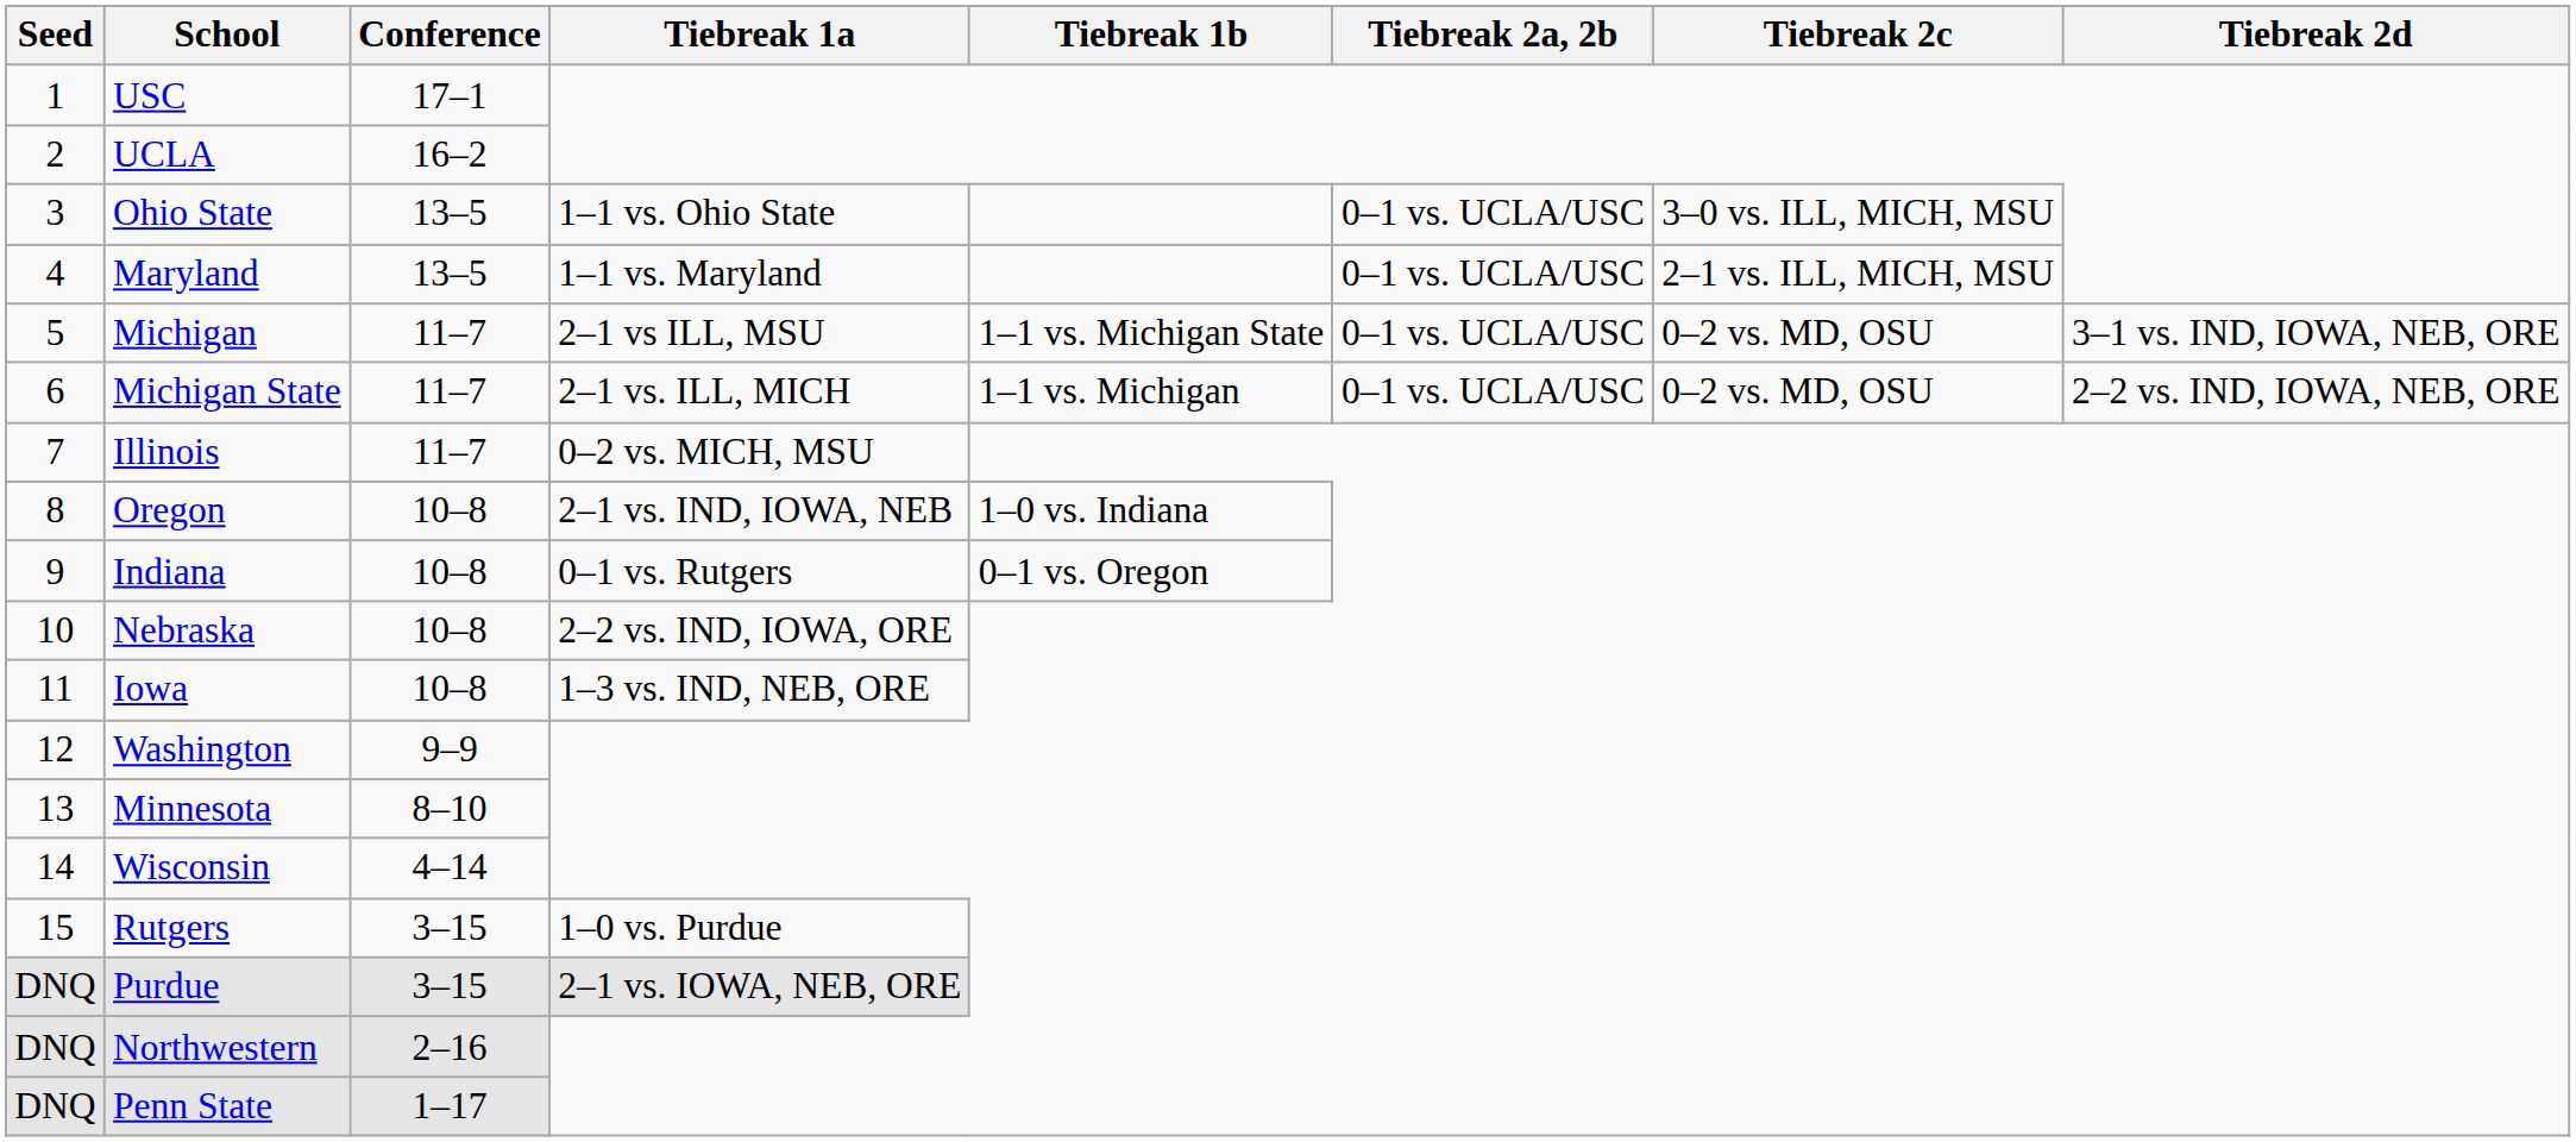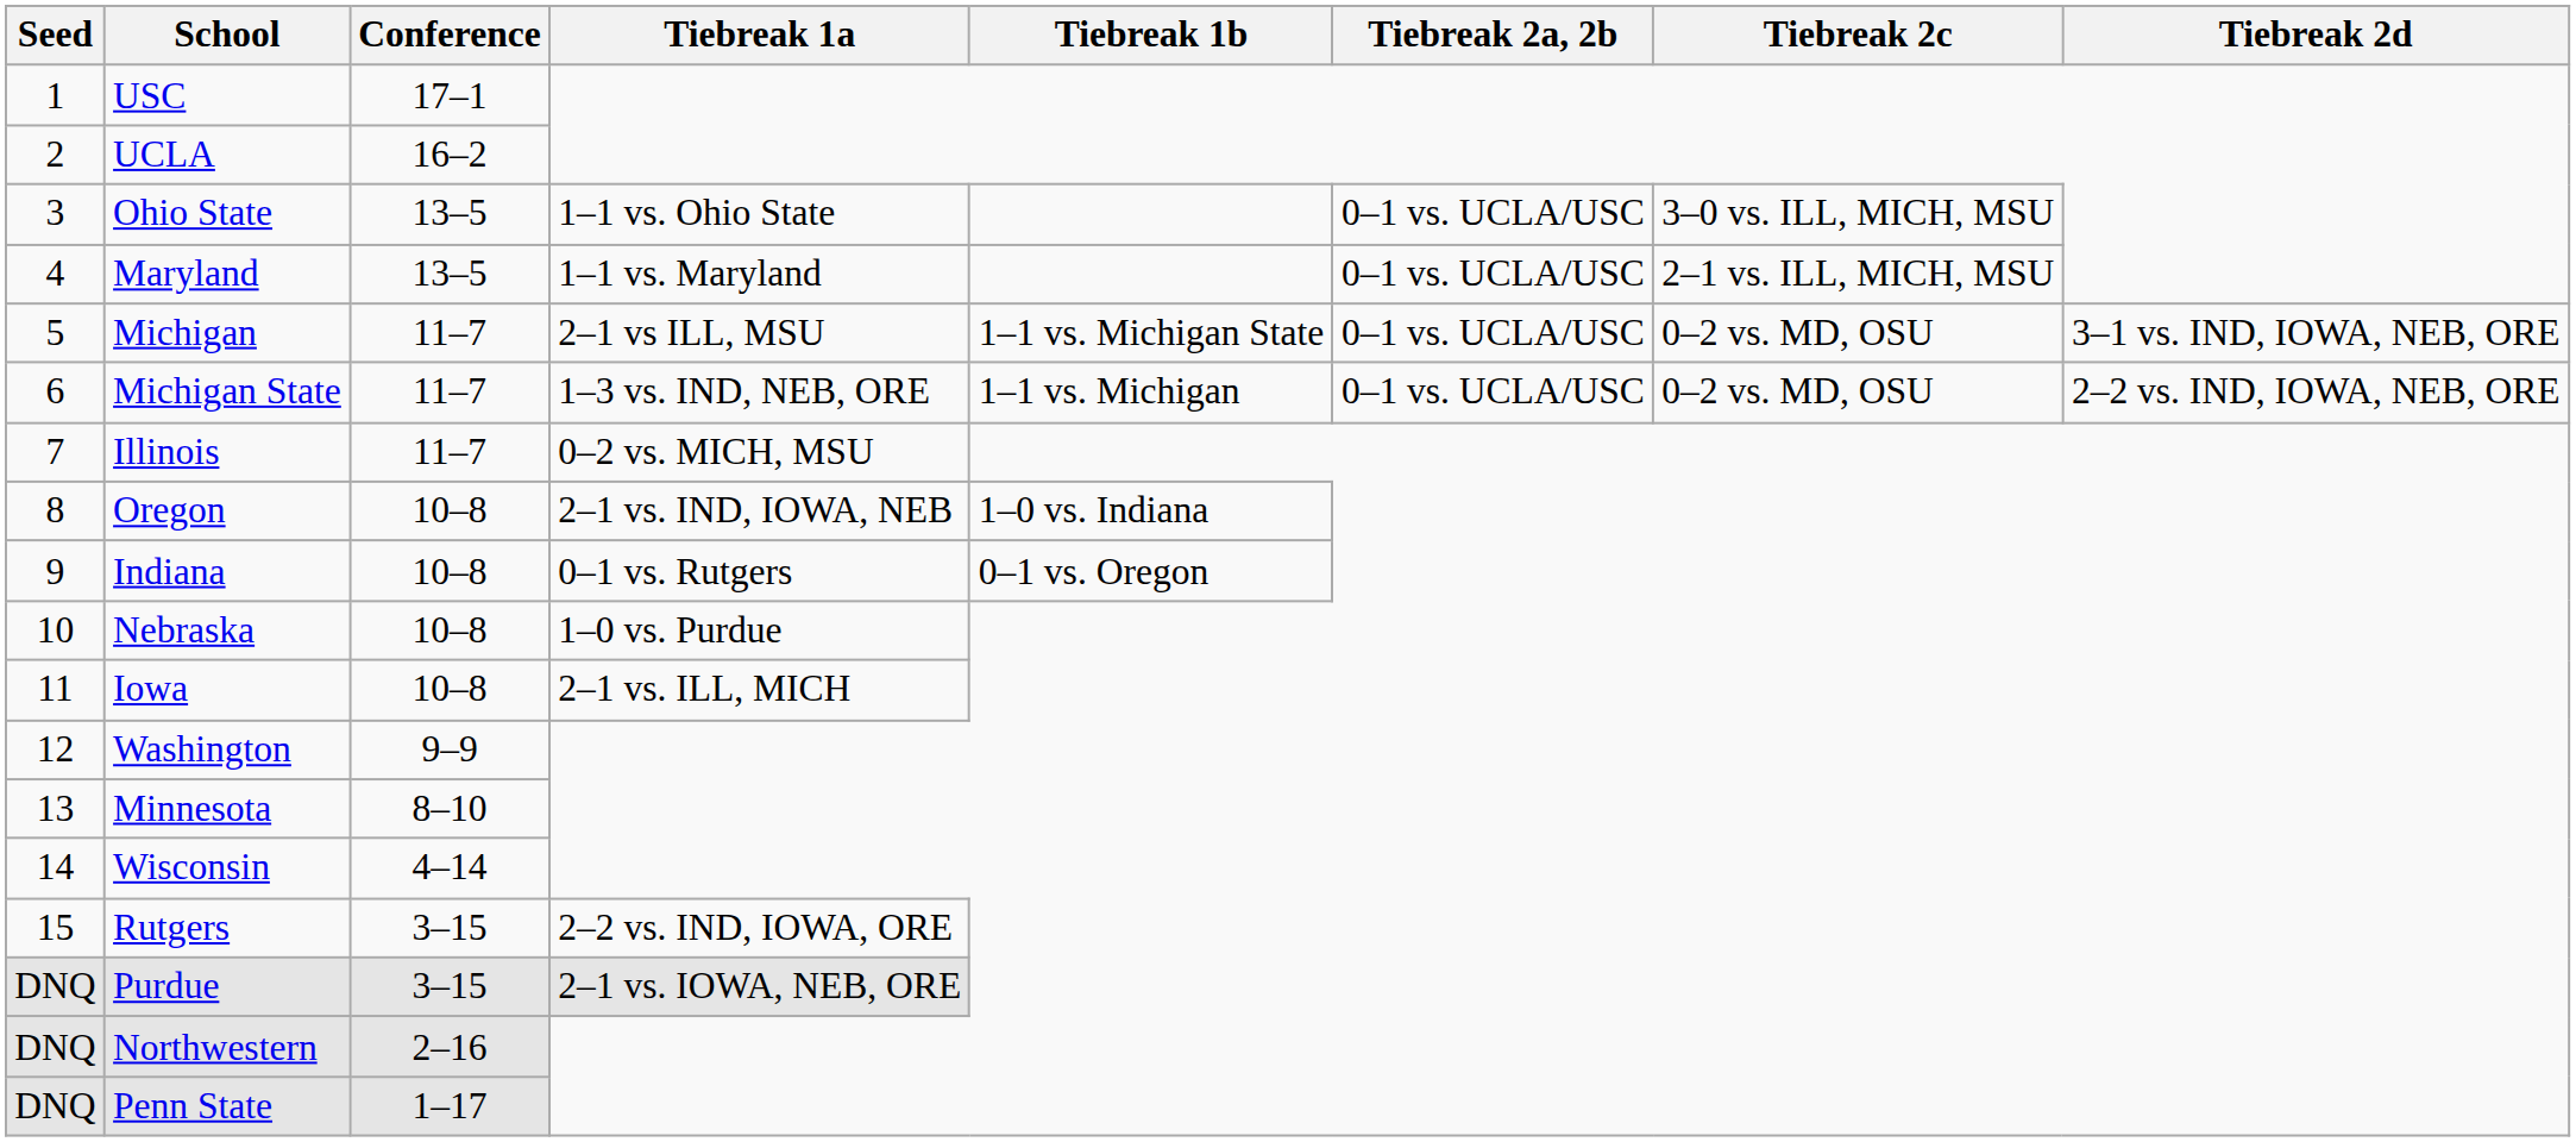 <table class="wikitable">
 <tr>
 <th>Seed</th>
 <th>School</th>
 <th>Conference</th>
 <th>Tiebreak 1a</th>
 <th>Tiebreak 1b</th>
 <th>Tiebreak 2a, 2b</th>
 <th>Tiebreak 2c</th>
 <th>Tiebreak 2d</th>
 </tr>
 <tr>
 <td align=center>1</td>
 <td><a href='#'>USC</a></td>
 <td align=center>17–1</td>
 </tr>
 <tr>
 <td align=center>2</td>
 <td><a href='#'>UCLA</a></td>
 <td align=center>16–2</td>
 </tr>
 <tr>
 <td align=center>3</td>
 <td><a href='#'>Ohio State</a></td>
 <td align=center>13–5</td>
 <td>1–1 vs. Ohio State</td>
 <td></td>
 <td>0–1 vs. UCLA/USC</td>
 <td>3–0 vs. ILL, MICH, MSU</td>
 </tr>
 <tr>
 <td align=center>4</td>
 <td><a href='#'>Maryland</a></td>
 <td align=center>13–5</td>
 <td>1–1 vs. Maryland</td>
 <td></td>
 <td>0–1 vs. UCLA/USC</td>
 <td>2–1 vs. ILL, MICH, MSU</td>
 </tr>
 <tr>
 <td align=center>5</td>
 <td><a href='#'>Michigan</a></td>
 <td align=center>11–7</td>
 <td>2–1 vs ILL, MSU</td>
 <td>1–1 vs. Michigan State</td>
 <td>0–1 vs. UCLA/USC</td>
 <td>0–2 vs. MD, OSU</td>
 <td>3–1 vs. IND, IOWA, NEB, ORE</td>
 </tr>
 <tr>
 <td align=center>6</td>
 <td><a href='#'>Michigan State</a></td>
 <td align=center>11–7</td>
-<td>2–1 vs. ILL, MICH</td>
+<td>1–3 vs. IND, NEB, ORE</td>
 <td>1–1 vs. Michigan</td>
 <td>0–1 vs. UCLA/USC</td>
 <td>0–2 vs. MD, OSU</td>
 <td>2–2 vs. IND, IOWA, NEB, ORE</td>
 </tr>
 <tr>
 <td align=center>7</td>
 <td><a href='#'>Illinois</a></td>
 <td align=center>11–7</td>
 <td>0–2 vs. MICH, MSU</td>
 </tr>
 <tr>
 <td align=center>8</td>
 <td><a href='#'>Oregon</a></td>
 <td align=center>10–8</td>
 <td>2–1 vs. IND, IOWA, NEB</td>
 <td>1–0 vs. Indiana</td>
 </tr>
 <tr>
 <td align=center>9</td>
 <td><a href='#'>Indiana</a></td>
 <td align=center>10–8</td>
 <td>0–1 vs. Rutgers</td>
 <td>0–1 vs. Oregon</td>
 </tr>
 <tr>
 <td align=center>10</td>
 <td><a href='#'>Nebraska</a></td>
 <td align=center>10–8</td>
-<td>2–2 vs. IND, IOWA, ORE</td>
+<td>1–0 vs. Purdue</td>
 </tr>
 <tr>
 <td align=center>11</td>
 <td><a href='#'>Iowa</a></td>
 <td align=center>10–8</td>
-<td>1–3 vs. IND, NEB, ORE</td>
+<td>2–1 vs. ILL, MICH</td>
 </tr>
 <tr>
 <td align=center>12</td>
 <td><a href='#'>Washington</a></td>
 <td align=center>9–9</td>
 </tr>
 <tr>
 <td align=center>13</td>
 <td><a href='#'>Minnesota</a></td>
 <td align=center>8–10</td>
 </tr>
 <tr>
 <td align=center>14</td>
 <td><a href='#'>Wisconsin</a></td>
 <td align=center>4–14</td>
 </tr>
 <tr>
 <td align=center>15</td>
 <td><a href='#'>Rutgers</a></td>
 <td align=center>3–15</td>
-<td>1–0 vs. Purdue</td>
+<td>2–2 vs. IND, IOWA, ORE</td>
 </tr>
 <tr style="background-color: #E5E5E5;">
 <td align=center>DNQ</td>
 <td><a href='#'>Purdue</a></td>
 <td align=center>3–15</td>
 <td>2–1 vs. IOWA, NEB, ORE</td>
 </tr>
 <tr style="background-color: #E5E5E5;">
 <td align=center>DNQ</td>
 <td><a href='#'>Northwestern</a></td>
 <td align=center>2–16</td>
 </tr>
 <tr style="background-color: #E5E5E5;">
 <td align=center>DNQ</td>
 <td><a href='#'>Penn State</a></td>
 <td align=center>1–17</td>
 </tr>
 </table>
